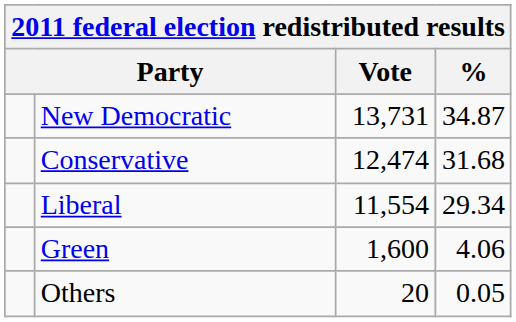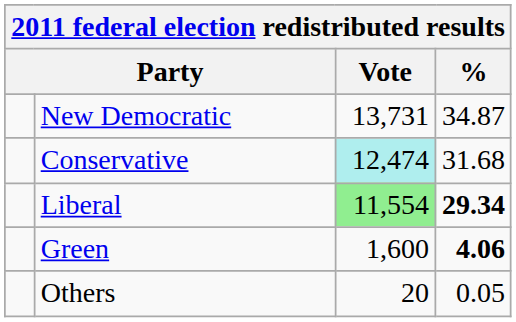 <table class="wikitable">
 <tr>
 <th colspan="4"><a href='#'>2011 federal election</a> redistributed results</th>
 </tr>
 <tr>
 <th bgcolor="#DDDDFF" width="130px" colspan="2">Party</th>
 <th bgcolor="#DDDDFF" width="50px">Vote</th>
 <th bgcolor="#DDDDFF" width="30px">%</th>
 </tr>
 <tr>
 <td> </td>
 <td><a href='#'>New Democratic</a></td>
 <td align=right>13,731</td>
 <td align=right>34.87</td>
 </tr>
 <tr>
 <td> </td>
 <td><a href='#'>Conservative</a></td>
-<td align=right>12,474</td>
+<td align=right style="background: paleturquoise;">12,474</td>
 <td align=right>31.68</td>
 </tr>
 <tr>
 <td> </td>
 <td><a href='#'>Liberal</a></td>
-<td align=right>11,554</td>
-<td align=right>29.34</td>
+<td align=right style="background: lightgreen;">11,554</td>
+<td align=right><strong>29.34</strong></td>
 </tr>
 <tr>
 <td> </td>
 <td><a href='#'>Green</a></td>
 <td align=right>1,600</td>
-<td align=right>4.06</td>
+<td align=right><strong>4.06</strong></td>
 </tr>
 <tr>
 <td> </td>
 <td>Others</td>
 <td align=right>20</td>
 <td align=right>0.05</td>
 </tr>
 </table>
